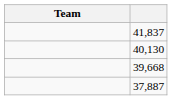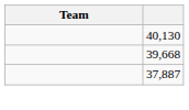 <table class="wikitable" style="display: inline-table;">
 <tr>
 <th width=170>Team</th>
 <th></th>
-</tr>
-<tr>
-<td></td>
-<td style="text-align: right;">41,837</td>
 </tr>
 <tr>
 <td></td>
 <td style="text-align: right;">40,130</td>
 </tr>
 <tr>
 <td></td>
 <td style="text-align: right;">39,668</td>
 </tr>
 <tr>
 <td></td>
 <td style="text-align: right;">37,887</td>
 </tr>
 </table>
